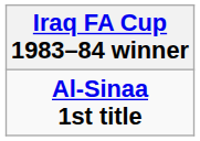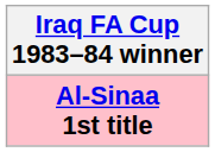 <table class="wikitable" style="text-align: center; margin: 0 auto;">
 <tr>
 <th><a href='#'>Iraq FA Cup</a><br>1983–84 winner</th>
 </tr>
 <tr>
-<td><strong><a href='#'>Al-Sinaa</a></strong><br><strong>1st title</strong></td>
+<td style="background: pink;"><strong><a href='#'>Al-Sinaa</a></strong><br><strong>1st title</strong></td>
 </tr>
 </table>
